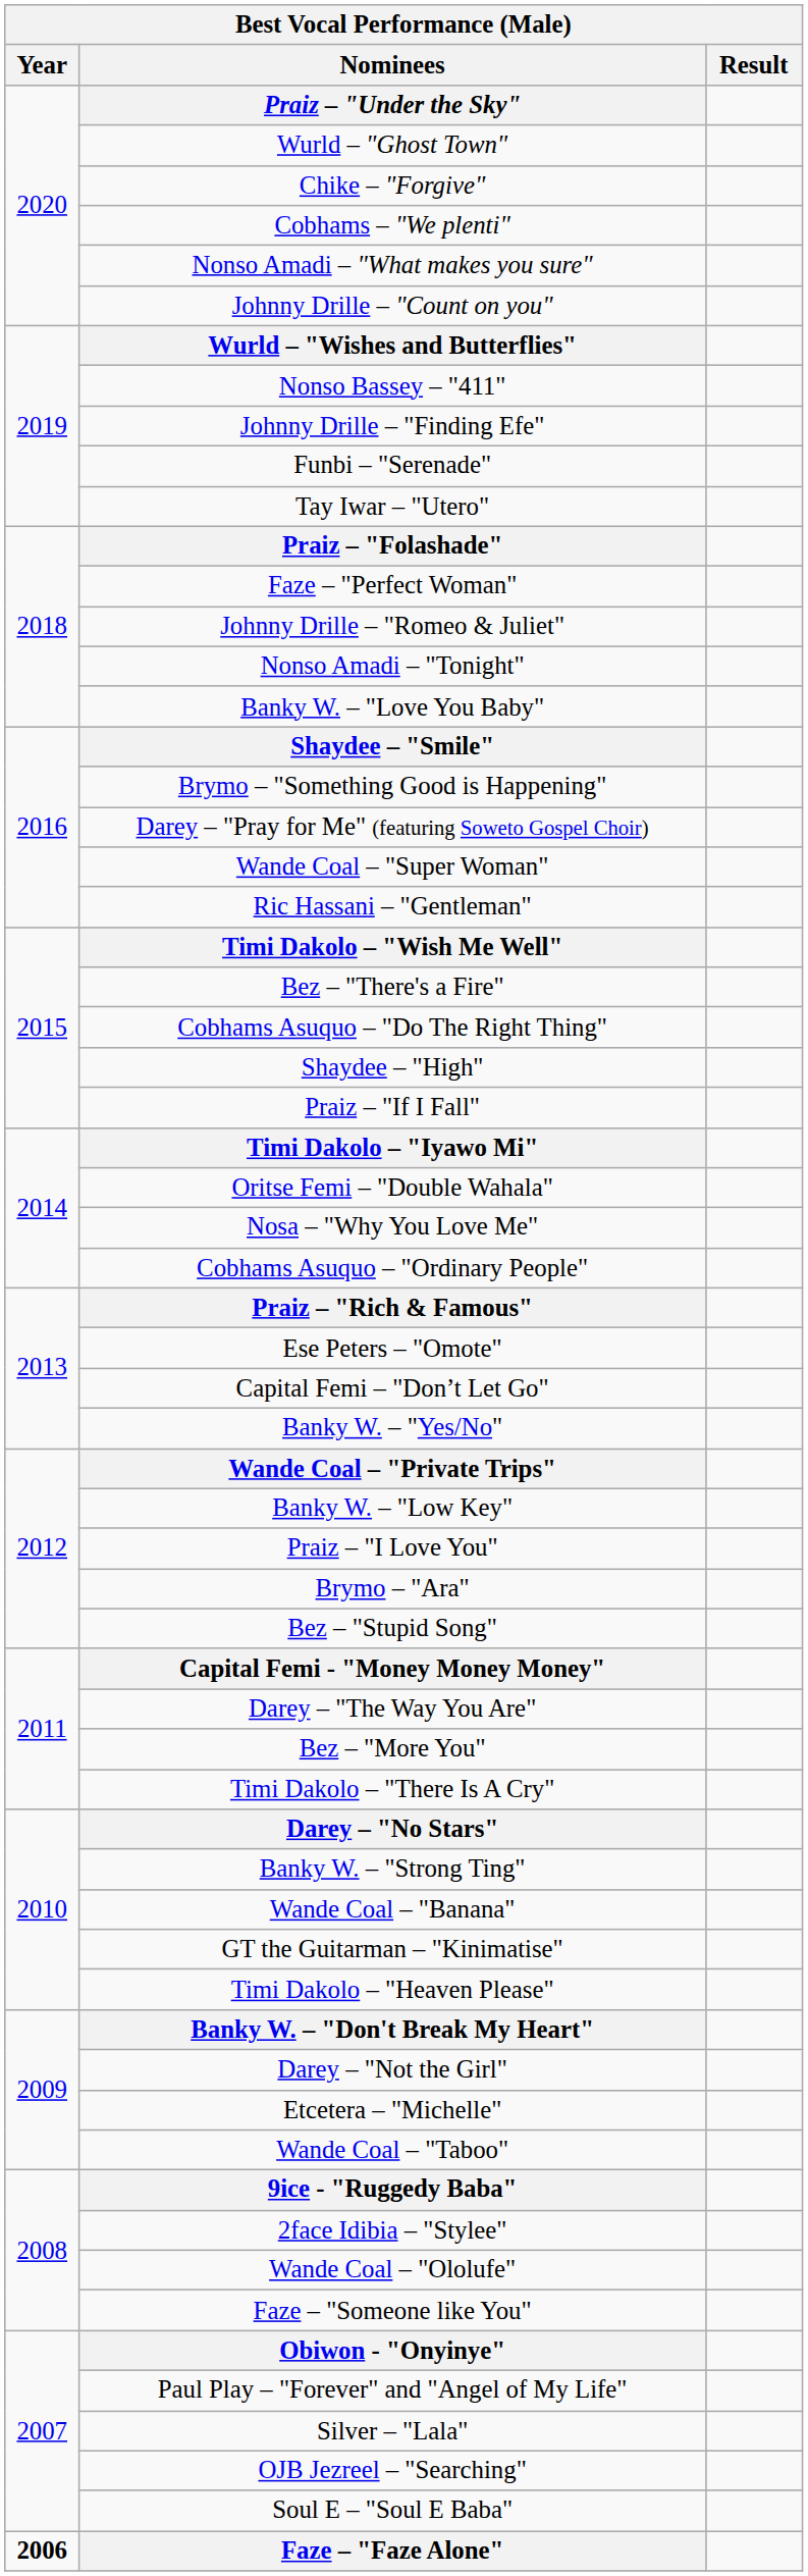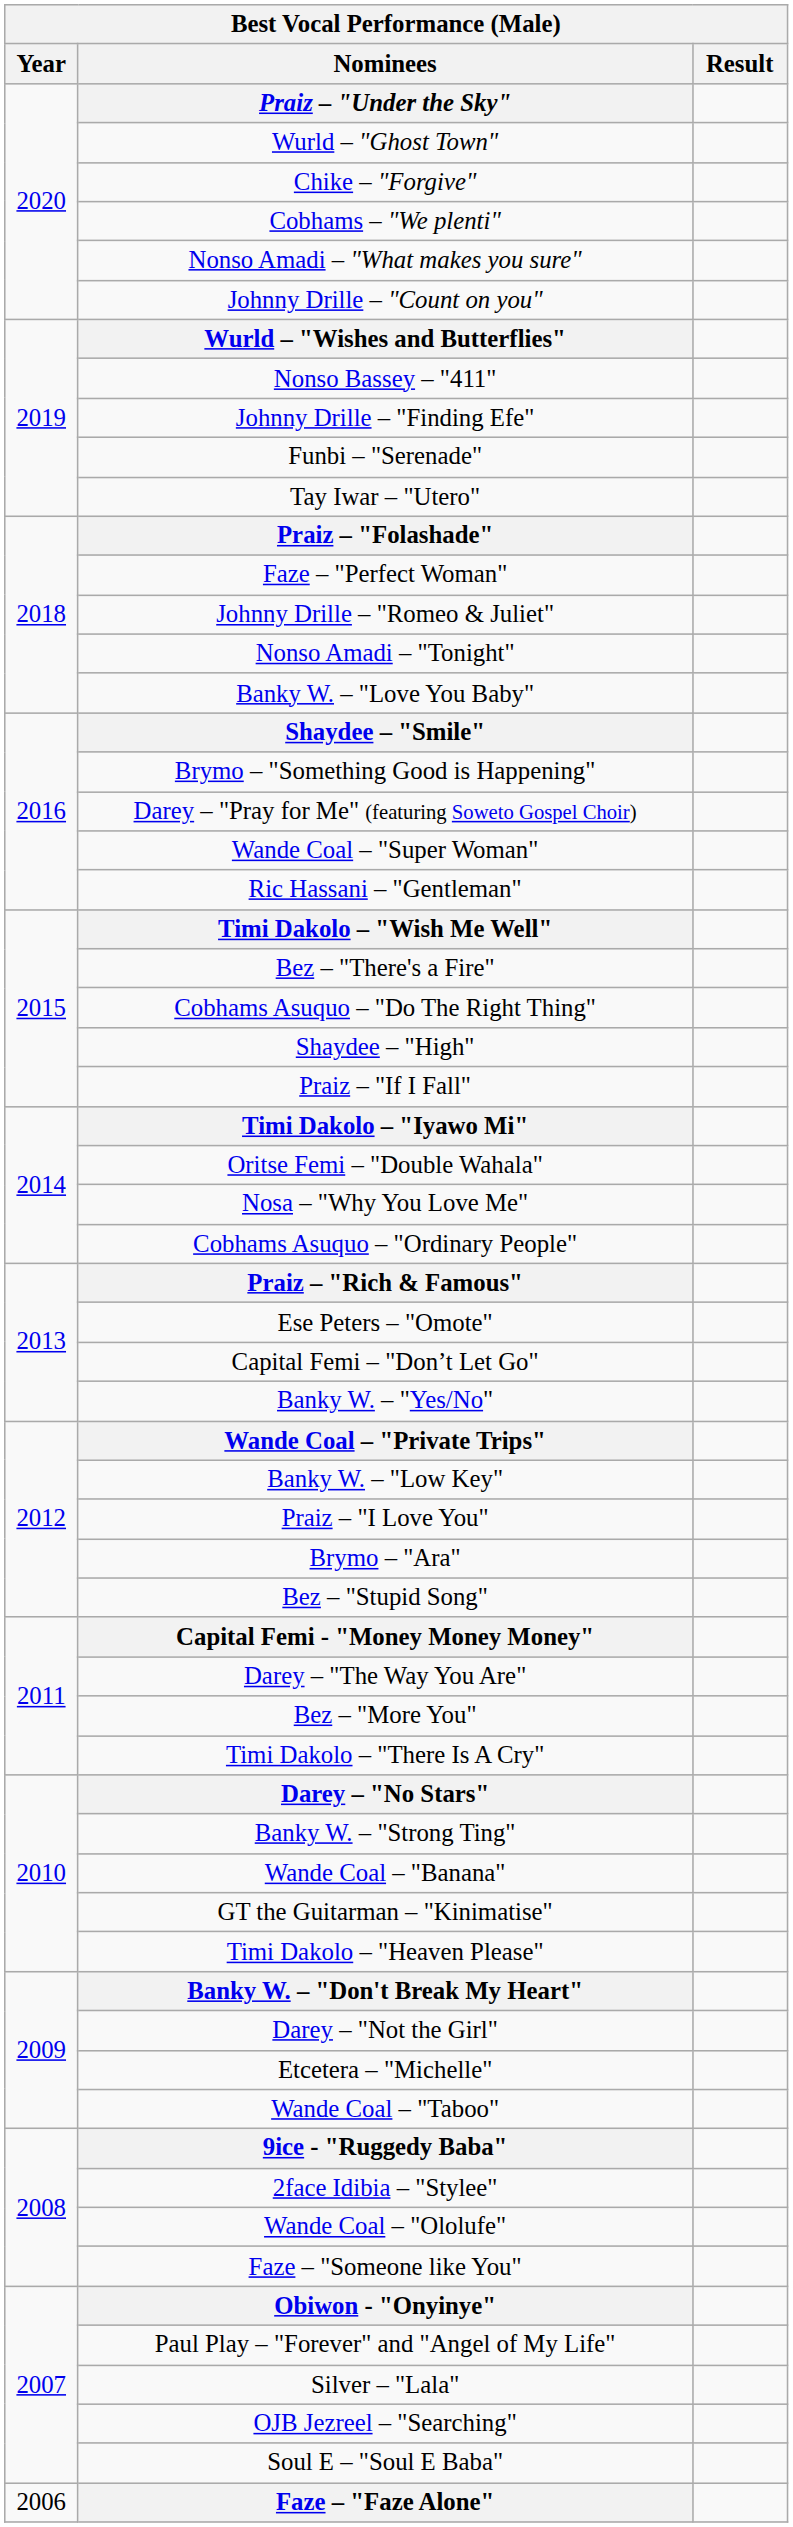 <table class="wikitable"  style="text-align:center; width:40%;">
 <tr>
 <th colspan="4">Best Vocal Performance (Male)</th>
 </tr>
 <tr>
 <th>Year</th>
 <th>Nominees</th>
 <th>Result</th>
 </tr>
 <tr>
 <td rowspan="6"><a href='#'>2020</a></td>
 <th><strong><em><a href='#'>Praiz</a><em> – "Under the Sky"<strong></th>
 <td></td>
 </tr>
 <tr>
 <td></em><a href='#'>Wurld</a><em> – "Ghost Town"</td>
 <td></td>
 </tr>
 <tr>
 <td></em><a href='#'>Chike</a><em> – "Forgive"</td>
 <td></td>
 </tr>
 <tr>
 <td></em><a href='#'>Cobhams</a><em> – "We plenti"</td>
 <td></td>
 </tr>
 <tr>
 <td></em><a href='#'>Nonso Amadi</a><em> – "What makes you sure"</td>
 <td></td>
 </tr>
 <tr>
 <td></em><a href='#'>Johnny Drille</a><em> – "Count on you"</td>
 <td></td>
 </tr>
 <tr>
 <td rowspan="5"><a href='#'>2019</a></td>
 <th><a href='#'>Wurld</a> – "Wishes and Butterflies"</th>
 <td></td>
 </tr>
 <tr>
 <td><a href='#'>Nonso Bassey</a> – "411"</td>
 <td></td>
 </tr>
 <tr>
 <td><a href='#'>Johnny Drille</a> – "Finding Efe"</td>
 <td></td>
 </tr>
 <tr>
 <td>Funbi – "Serenade"</td>
 <td></td>
 </tr>
 <tr>
 <td>Tay Iwar – "Utero"</td>
 <td></td>
 </tr>
 <tr>
 <td rowspan="5"><a href='#'>2018</a></td>
 <th><a href='#'>Praiz</a> – "Folashade"</th>
 <td></td>
 </tr>
 <tr>
 <td><a href='#'>Faze</a> – "Perfect Woman"</td>
 <td></td>
 </tr>
 <tr>
 <td><a href='#'>Johnny Drille</a> – "Romeo & Juliet"</td>
 <td></td>
 </tr>
 <tr>
 <td><a href='#'>Nonso Amadi</a> – "Tonight"</td>
 <td></td>
 </tr>
 <tr>
 <td><a href='#'>Banky W.</a> – "Love You Baby"</td>
 <td></td>
 </tr>
 <tr>
 <td rowspan="5"><a href='#'>2016</a></td>
 <th><a href='#'>Shaydee</a> – "Smile"</th>
 <td></td>
 </tr>
 <tr>
 <td><a href='#'>Brymo</a> – "Something Good is Happening"</td>
 <td></td>
 </tr>
 <tr>
 <td><a href='#'>Darey</a> – "Pray for Me" <small>(featuring <a href='#'>Soweto Gospel Choir</a>)</small></td>
 <td></td>
 </tr>
 <tr>
 <td><a href='#'>Wande Coal</a> – "Super Woman"</td>
 <td></td>
 </tr>
 <tr>
 <td><a href='#'>Ric Hassani</a> – "Gentleman"</td>
 <td></td>
 </tr>
 <tr>
 <td rowspan="5"><a href='#'>2015</a></td>
 <th><a href='#'>Timi Dakolo</a> – "Wish Me Well"</th>
 <td></td>
 </tr>
 <tr>
 <td><a href='#'>Bez</a> – "There's a Fire"</td>
 <td></td>
 </tr>
 <tr>
 <td><a href='#'>Cobhams Asuquo</a> – "Do The Right Thing"</td>
 <td></td>
 </tr>
 <tr>
 <td><a href='#'>Shaydee</a> – "High"</td>
 <td></td>
 </tr>
 <tr>
 <td><a href='#'>Praiz</a> – "If I Fall"</td>
 <td></td>
 </tr>
 <tr>
 <td rowspan="4"><a href='#'>2014</a></td>
 <th><a href='#'>Timi Dakolo</a> – "Iyawo Mi"</th>
 <td></td>
 </tr>
 <tr>
 <td><a href='#'>Oritse Femi</a> – "Double Wahala"</td>
 <td></td>
 </tr>
 <tr>
 <td><a href='#'>Nosa</a> – "Why You Love Me"</td>
 <td></td>
 </tr>
 <tr>
 <td><a href='#'>Cobhams Asuquo</a> – "Ordinary People"</td>
 <td></td>
 </tr>
 <tr>
 <td rowspan="4"><a href='#'>2013</a></td>
 <th><a href='#'>Praiz</a> – "Rich & Famous"</th>
 <td></td>
 </tr>
 <tr>
 <td>Ese Peters – "Omote"</td>
 <td></td>
 </tr>
 <tr>
 <td>Capital Femi – "Don’t Let Go"</td>
 <td></td>
 </tr>
 <tr>
 <td><a href='#'>Banky W.</a> – "<a href='#'>Yes/No</a>"</td>
 <td></td>
 </tr>
 <tr>
 <td rowspan="5"><a href='#'>2012</a></td>
 <th><a href='#'>Wande Coal</a> – "Private Trips"</th>
 <td></td>
 </tr>
 <tr>
 <td><a href='#'>Banky W.</a> – "Low Key"</td>
 <td></td>
 </tr>
 <tr>
 <td><a href='#'>Praiz</a> – "I Love You"</td>
 <td></td>
 </tr>
 <tr>
 <td><a href='#'>Brymo</a> – "Ara"</td>
 <td></td>
 </tr>
 <tr>
 <td><a href='#'>Bez</a> – "Stupid Song"</td>
 <td></td>
 </tr>
 <tr>
 <td rowspan="4"><a href='#'>2011</a></td>
 <th>Capital Femi - "Money Money Money"</th>
 <td></td>
 </tr>
 <tr>
 <td><a href='#'>Darey</a> – "The Way You Are"</td>
 <td></td>
 </tr>
 <tr>
 <td><a href='#'>Bez</a> – "More You"</td>
 <td></td>
 </tr>
 <tr>
 <td><a href='#'>Timi Dakolo</a> – "There Is A Cry"</td>
 <td></td>
 </tr>
 <tr>
 <td rowspan="5"><a href='#'>2010</a></td>
 <th><a href='#'>Darey</a> – "No Stars"</th>
 <td></td>
 </tr>
 <tr>
 <td><a href='#'>Banky W.</a> – "Strong Ting"</td>
 <td></td>
 </tr>
 <tr>
 <td><a href='#'>Wande Coal</a> – "Banana"</td>
 <td></td>
 </tr>
 <tr>
 <td>GT the Guitarman – "Kinimatise"</td>
 <td></td>
 </tr>
 <tr>
 <td><a href='#'>Timi Dakolo</a> – "Heaven Please"</td>
 <td></td>
 </tr>
 <tr>
 <td rowspan="4"><a href='#'>2009</a></td>
 <th><a href='#'>Banky W.</a> – "Don't Break My Heart"</th>
 <td></td>
 </tr>
 <tr>
 <td><a href='#'>Darey</a> – "Not the Girl"</td>
 <td></td>
 </tr>
 <tr>
 <td>Etcetera – "Michelle"</td>
 <td></td>
 </tr>
 <tr>
 <td><a href='#'>Wande Coal</a> – "Taboo"</td>
 <td></td>
 </tr>
 <tr>
 <td rowspan="4"><a href='#'>2008</a></td>
 <th><a href='#'>9ice</a> - "Ruggedy Baba"</th>
 <td></td>
 </tr>
 <tr>
 <td><a href='#'>2face Idibia</a> – "Stylee"</td>
 <td></td>
 </tr>
 <tr>
 <td><a href='#'>Wande Coal</a> – "Ololufe"</td>
 <td></td>
 </tr>
 <tr>
 <td><a href='#'>Faze</a> – "Someone like You"</td>
 <td></td>
 </tr>
 <tr>
 <td rowspan="5"><a href='#'>2007</a></td>
 <th><a href='#'>Obiwon</a> - "Onyinye"</th>
 <td></td>
 </tr>
 <tr>
 <td>Paul Play – "Forever" and "Angel of My Life"</td>
 <td></td>
 </tr>
 <tr>
 <td>Silver – "Lala"</td>
 <td></td>
 </tr>
 <tr>
 <td><a href='#'>OJB Jezreel</a> – "Searching"</td>
 <td></td>
 </tr>
 <tr>
 <td>Soul E – "Soul E Baba"</td>
 <td></td>
 </tr>
 <tr>
-<td><strong>2006</strong></td>
+<td>2006</td>
 <th><a href='#'>Faze</a> – "Faze Alone"</th>
 <td></td>
 </tr>
 </table>
